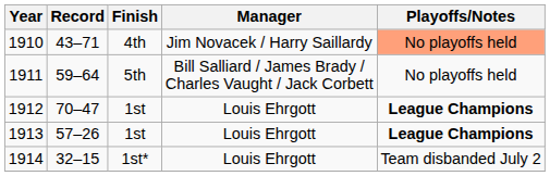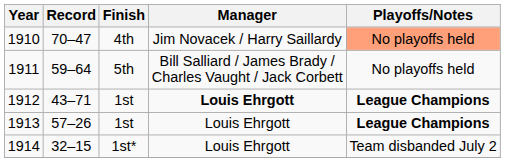 <table class="wikitable" style="text-align:center">
 <tr>
 <th>Year</th>
 <th>Record</th>
 <th>Finish</th>
 <th>Manager</th>
 <th>Playoffs/Notes</th>
 </tr>
 <tr align=center>
 <td>1910</td>
-<td>43–71</td>
+<td>70–47</td>
 <td>4th</td>
 <td>Jim Novacek / Harry Saillardy</td>
 <td style="background: lightsalmon;">No playoffs held</td>
 </tr>
 <tr align=center>
 <td>1911</td>
 <td>59–64</td>
 <td>5th</td>
 <td>Bill Salliard / James Brady /<br>Charles Vaught / Jack Corbett</td>
 <td>No playoffs held</td>
 </tr>
 <tr align=center>
 <td>1912</td>
-<td>70–47</td>
+<td>43–71</td>
 <td>1st</td>
-<td>Louis Ehrgott</td>
+<td><strong>Louis Ehrgott</strong></td>
 <td><strong>League Champions</strong></td>
 </tr>
 <tr align=center>
 <td>1913</td>
 <td>57–26</td>
 <td>1st</td>
 <td>Louis Ehrgott</td>
 <td><strong>League Champions</strong></td>
 </tr>
 <tr align=center>
 <td>1914</td>
 <td>32–15</td>
 <td>1st*</td>
 <td>Louis Ehrgott</td>
 <td>Team disbanded July 2</td>
 </tr>
 <tr align=center>
 </tr>
 </table>
